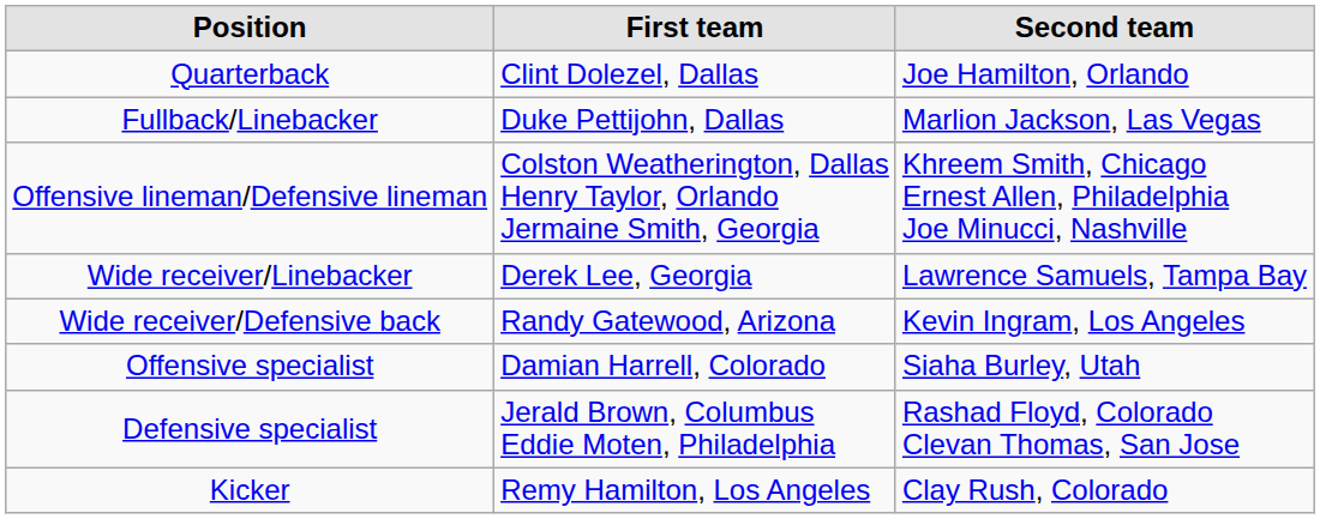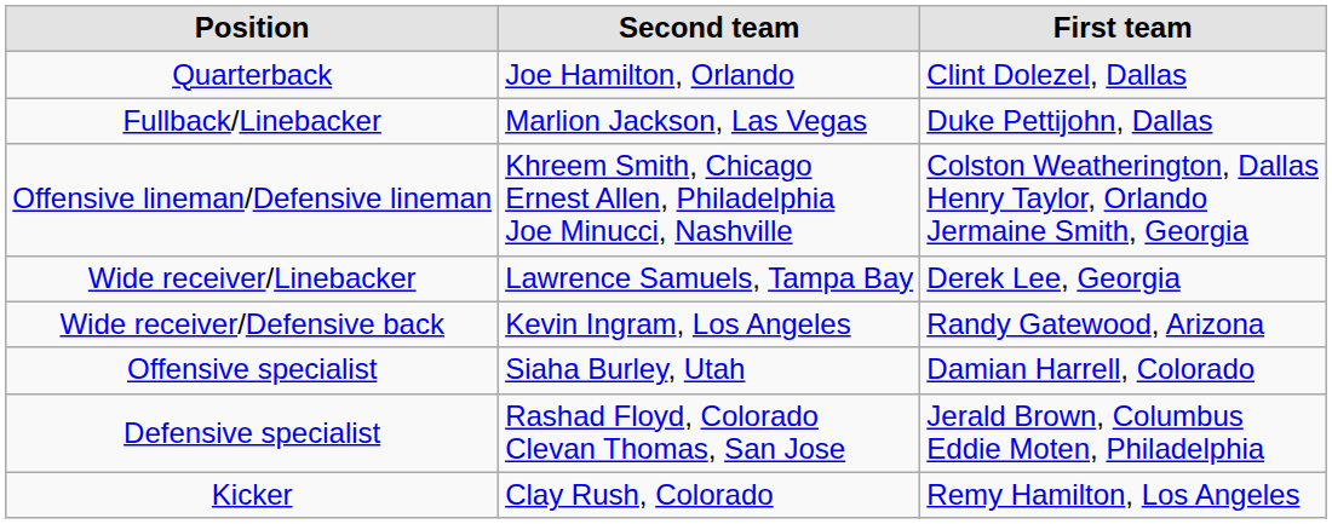 <table class="wikitable">
 <tr>
 <th style="background:#e3e3e3;">Position</th>
+<th style="background:#e3e3e3;">Second team</th>
 <th style="background:#e3e3e3;">First team</th>
-<th style="background:#e3e3e3;">Second team</th>
 </tr>
 <tr>
 <td align=center><a href='#'>Quarterback</a></td>
+<td><a href='#'>Joe Hamilton</a>, <a href='#'>Orlando</a></td>
 <td><a href='#'>Clint Dolezel</a>, <a href='#'>Dallas</a></td>
-<td><a href='#'>Joe Hamilton</a>, <a href='#'>Orlando</a></td>
 </tr>
 <tr>
 <td align=center><a href='#'>Fullback</a>/<a href='#'>Linebacker</a></td>
+<td><a href='#'>Marlion Jackson</a>, <a href='#'>Las Vegas</a></td>
 <td><a href='#'>Duke Pettijohn</a>, <a href='#'>Dallas</a></td>
-<td><a href='#'>Marlion Jackson</a>, <a href='#'>Las Vegas</a></td>
 </tr>
 <tr>
 <td align=center><a href='#'>Offensive lineman</a>/<a href='#'>Defensive lineman</a></td>
+<td><a href='#'>Khreem Smith</a>, <a href='#'>Chicago</a><br><a href='#'>Ernest Allen</a>, <a href='#'>Philadelphia</a><br><a href='#'>Joe Minucci</a>, <a href='#'>Nashville</a></td>
 <td><a href='#'>Colston Weatherington</a>, <a href='#'>Dallas</a><br><a href='#'>Henry Taylor</a>, <a href='#'>Orlando</a><br><a href='#'>Jermaine Smith</a>, <a href='#'>Georgia</a></td>
-<td><a href='#'>Khreem Smith</a>, <a href='#'>Chicago</a><br><a href='#'>Ernest Allen</a>, <a href='#'>Philadelphia</a><br><a href='#'>Joe Minucci</a>, <a href='#'>Nashville</a></td>
 </tr>
 <tr>
 <td align=center><a href='#'>Wide receiver</a>/<a href='#'>Linebacker</a></td>
+<td><a href='#'>Lawrence Samuels</a>, <a href='#'>Tampa Bay</a></td>
 <td><a href='#'>Derek Lee</a>, <a href='#'>Georgia</a></td>
-<td><a href='#'>Lawrence Samuels</a>, <a href='#'>Tampa Bay</a></td>
 </tr>
 <tr>
 <td align=center><a href='#'>Wide receiver</a>/<a href='#'>Defensive back</a></td>
+<td><a href='#'>Kevin Ingram</a>, <a href='#'>Los Angeles</a></td>
 <td><a href='#'>Randy Gatewood</a>, <a href='#'>Arizona</a></td>
-<td><a href='#'>Kevin Ingram</a>, <a href='#'>Los Angeles</a></td>
 </tr>
 <tr>
 <td align=center><a href='#'>Offensive specialist</a></td>
+<td><a href='#'>Siaha Burley</a>, <a href='#'>Utah</a></td>
 <td><a href='#'>Damian Harrell</a>, <a href='#'>Colorado</a></td>
-<td><a href='#'>Siaha Burley</a>, <a href='#'>Utah</a></td>
 </tr>
 <tr>
 <td align=center><a href='#'>Defensive specialist</a></td>
+<td><a href='#'>Rashad Floyd</a>, <a href='#'>Colorado</a><br><a href='#'>Clevan Thomas</a>, <a href='#'>San Jose</a></td>
 <td><a href='#'>Jerald Brown</a>, <a href='#'>Columbus</a><br><a href='#'>Eddie Moten</a>, <a href='#'>Philadelphia</a></td>
-<td><a href='#'>Rashad Floyd</a>, <a href='#'>Colorado</a><br><a href='#'>Clevan Thomas</a>, <a href='#'>San Jose</a></td>
 </tr>
 <tr>
 <td align=center><a href='#'>Kicker</a></td>
+<td><a href='#'>Clay Rush</a>, <a href='#'>Colorado</a></td>
 <td><a href='#'>Remy Hamilton</a>, <a href='#'>Los Angeles</a></td>
-<td><a href='#'>Clay Rush</a>, <a href='#'>Colorado</a></td>
 </tr>
 </table>
